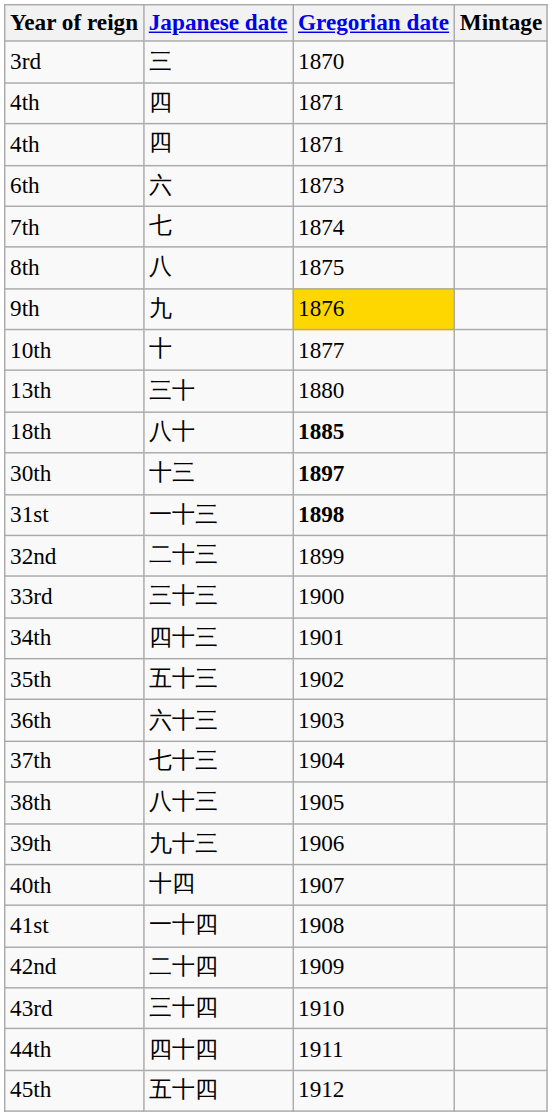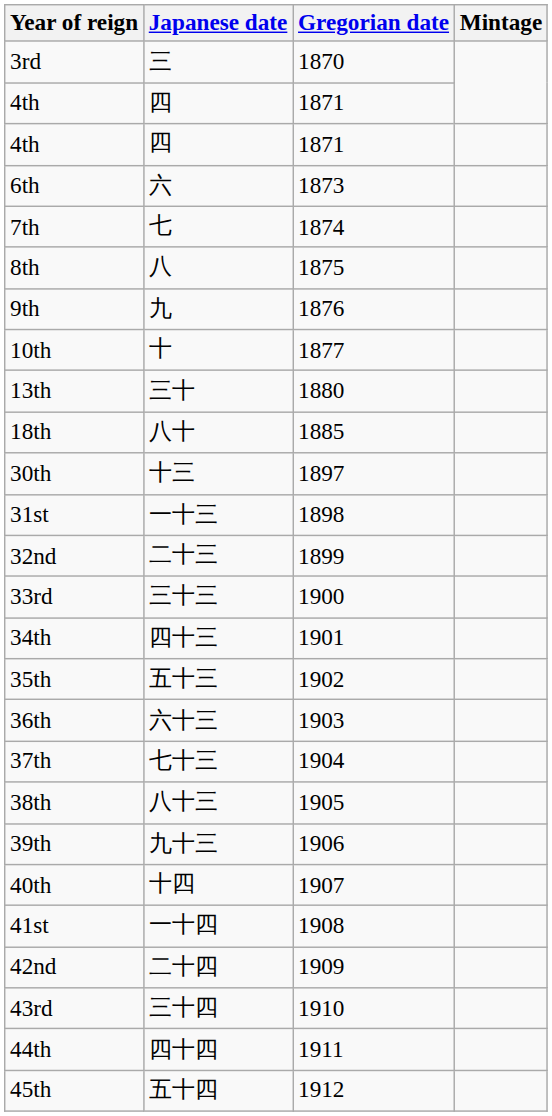 <table class="wikitable sortable">
 <tr>
 <th>Year of reign</th>
 <th class="unsortable"><a href='#'>Japanese date</a></th>
 <th><a href='#'>Gregorian date</a></th>
 <th>Mintage</th>
 </tr>
 <tr>
 <td>3rd</td>
 <td>三</td>
 <td>1870</td>
 <td rowspan=2></td>
 </tr>
 <tr>
 <td>4th</td>
 <td>四</td>
 <td>1871</td>
 </tr>
 <tr>
 <td>4th</td>
 <td>四</td>
 <td>1871 </td>
 <td></td>
 </tr>
 <tr>
 <td>6th</td>
 <td>六</td>
 <td>1873</td>
 <td></td>
 </tr>
 <tr>
 <td>7th</td>
 <td>七</td>
 <td>1874</td>
 <td></td>
 </tr>
 <tr>
 <td>8th</td>
 <td>八</td>
 <td>1875</td>
 <td></td>
 </tr>
 <tr>
 <td>9th</td>
 <td>九</td>
-<td style="background: gold;">1876</td>
+<td>1876</td>
 <td></td>
 </tr>
 <tr>
 <td>10th</td>
 <td>十</td>
 <td>1877</td>
 <td></td>
 </tr>
 <tr>
 <td>13th</td>
 <td>三十</td>
 <td>1880</td>
 <td></td>
 </tr>
 <tr>
 <td>18th</td>
 <td>八十</td>
-<td><strong>1885</strong></td>
+<td>1885</td>
 <td></td>
 </tr>
 <tr>
 <td>30th</td>
 <td>十三</td>
-<td><strong>1897</strong></td>
+<td>1897</td>
 <td></td>
 </tr>
 <tr>
 <td>31st</td>
 <td>一十三</td>
-<td><strong>1898</strong></td>
+<td>1898</td>
 <td></td>
 </tr>
 <tr>
 <td>32nd</td>
 <td>二十三</td>
 <td>1899</td>
 <td></td>
 </tr>
 <tr>
 <td>33rd</td>
 <td>三十三</td>
 <td>1900</td>
 <td></td>
 </tr>
 <tr>
 <td>34th</td>
 <td>四十三</td>
 <td>1901</td>
 <td></td>
 </tr>
 <tr>
 <td>35th</td>
 <td>五十三</td>
 <td>1902</td>
 <td></td>
 </tr>
 <tr>
 <td>36th</td>
 <td>六十三</td>
 <td>1903</td>
 <td></td>
 </tr>
 <tr>
 <td>37th</td>
 <td>七十三</td>
 <td>1904</td>
 <td></td>
 </tr>
 <tr>
 <td>38th</td>
 <td>八十三</td>
 <td>1905</td>
 <td></td>
 </tr>
 <tr>
 <td>39th</td>
 <td>九十三</td>
 <td>1906</td>
 <td></td>
 </tr>
 <tr>
 <td>40th</td>
 <td>十四</td>
 <td>1907</td>
 <td></td>
 </tr>
 <tr>
 <td>41st</td>
 <td>一十四</td>
 <td>1908</td>
 <td></td>
 </tr>
 <tr>
 <td>42nd</td>
 <td>二十四</td>
 <td>1909</td>
 <td></td>
 </tr>
 <tr>
 <td>43rd</td>
 <td>三十四</td>
 <td>1910</td>
 <td></td>
 </tr>
 <tr>
 <td>44th</td>
 <td>四十四</td>
 <td>1911</td>
 <td></td>
 </tr>
 <tr>
 <td>45th</td>
 <td>五十四</td>
 <td>1912</td>
 <td></td>
 </tr>
 </table>
